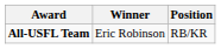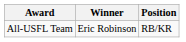 <table class="wikitable">
 <tr>
 <th>Award</th>
 <th>Winner</th>
 <th>Position</th>
 </tr>
 <tr>
-<td><strong>All-USFL Team</strong></td>
+<td>All-USFL Team</td>
 <td>Eric Robinson</td>
 <td>RB/KR</td>
 </tr>
 </table>
